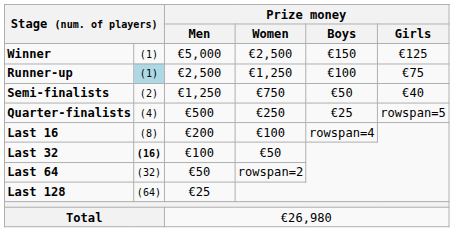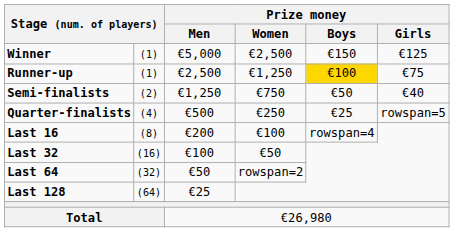 <table class="wikitable">
 <tr>
 <th rowspan=2 colspan=2 style="text-align: center;">Stage <small>(num. of players)</small></th>
 <th colspan=4>Prize money</th>
 </tr>
 <tr>
 <th width=70px>Men</th>
 <th width=70px>Women</th>
 <th width=70px>Boys</th>
 <th width=70px>Girls</th>
 </tr>
 <tr>
 <td><strong>Winner</strong></td>
 <td align=center><small>(1)</small></td>
 <td align=center>€5,000</td>
 <td align=center>€2,500</td>
 <td align=center>€150</td>
 <td align=center>€125</td>
 </tr>
 <tr>
 <td><strong>Runner-up</strong></td>
-<td align=center style="background: lightblue;"><small>(1)</small></td>
+<td align=center><small>(1)</small></td>
 <td align=center>€2,500</td>
 <td align=center>€1,250</td>
-<td align=center>€100</td>
+<td align=center style="background: gold;">€100</td>
 <td align=center>€75</td>
 </tr>
 <tr>
 <td><strong>Semi-finalists</strong></td>
 <td align=center><small>(2)</small></td>
 <td align=center>€1,250</td>
 <td align=center>€750</td>
 <td align=center>€50</td>
 <td align=center>€40</td>
 </tr>
 <tr>
 <td><strong>Quarter-finalists</strong></td>
 <td align=center><small>(4)</small></td>
 <td align=center>€500</td>
 <td align=center>€250</td>
 <td align=center>€25</td>
 <td>rowspan=5 </td>
 </tr>
 <tr>
 <td><strong>Last 16</strong></td>
 <td align=center><small>(8)</small></td>
 <td align=center>€200</td>
 <td align=center>€100</td>
 <td>rowspan=4 </td>
 </tr>
 <tr>
 <td><strong>Last 32</strong></td>
-<td align=center><strong><small>(16)</small></strong></td>
+<td align=center><small>(16)</small></td>
 <td align=center>€100</td>
 <td align=center>€50</td>
 </tr>
 <tr>
 <td><strong>Last 64</strong></td>
 <td align=center><small>(32)</small></td>
 <td align=center>€50</td>
 <td>rowspan=2 </td>
 </tr>
 <tr>
 <td><strong>Last 128</strong></td>
 <td align=center><small>(64)</small></td>
 <td align=center>€25</td>
 </tr>
 <tr>
 <th colspan=6></th>
 </tr>
 <tr>
 <th colspan=2>Total</th>
 <td align=center colspan=4>€26,980</td>
 </tr>
 </table>
